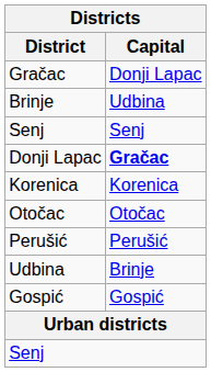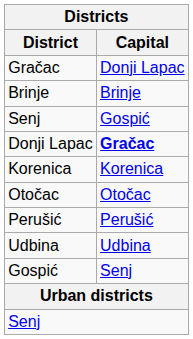 <table class="wikitable">
 <tr>
 <th colspan=2>Districts</th>
 </tr>
 <tr>
 <th>District</th>
 <th>Capital</th>
 </tr>
 <tr>
 <td>Gračac</td>
 <td><a href='#'>Donji Lapac</a></td>
 </tr>
 <tr>
 <td>Brinje</td>
-<td><a href='#'>Udbina</a></td>
+<td><a href='#'>Brinje</a></td>
 </tr>
 <tr>
 <td>Senj</td>
-<td><a href='#'>Senj</a></td>
+<td><a href='#'>Gospić</a></td>
 </tr>
 <tr>
 <td>Donji Lapac</td>
 <td><strong><a href='#'>Gračac</a></strong></td>
 </tr>
 <tr>
 <td>Korenica</td>
 <td><a href='#'>Korenica</a></td>
 </tr>
 <tr>
 <td>Otočac</td>
 <td><a href='#'>Otočac</a></td>
 </tr>
 <tr>
 <td>Perušić</td>
 <td><a href='#'>Perušić</a></td>
 </tr>
 <tr>
 <td>Udbina</td>
-<td><a href='#'>Brinje</a></td>
+<td><a href='#'>Udbina</a></td>
 </tr>
 <tr>
 <td>Gospić</td>
-<td><a href='#'>Gospić</a></td>
+<td><a href='#'>Senj</a></td>
 </tr>
 <tr>
 <th colspan=2>Urban districts</th>
 </tr>
 <tr>
 <td colspan = 2><a href='#'>Senj</a></td>
 </tr>
 <tr>
 </tr>
 </table>
